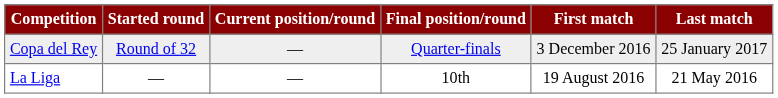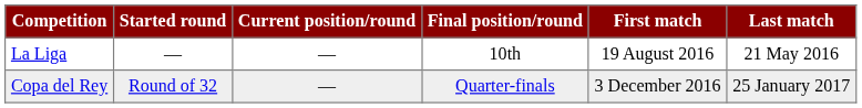 <table cellpadding="4" cellspacing="0" border="1" style="text-align: center; font-size: 85%; border: gray solid 1px; border-collapse: collapse;">
 <tr style="background:#8B0000; color:white;">
 <th>Competition</th>
 <th>Started round</th>
 <th>Current position/round</th>
 <th>Final position/round</th>
 <th>First match</th>
 <th>Last match</th>
 </tr>
+<tr>
+<td align="left"><a href='#'>La Liga</a></td>
+<td>—</td>
+<td>—</td>
+<td>10th</td>
+<td>19 August 2016</td>
+<td>21 May 2016</td>
+</tr>
 <tr bgcolor="#EFEFEF">
 <td align="left"><a href='#'>Copa del Rey</a></td>
 <td><a href='#'>Round of 32</a></td>
 <td>—</td>
 <td><a href='#'>Quarter-finals</a></td>
 <td>3 December 2016</td>
 <td>25 January 2017</td>
 </tr>
-<tr>
-<td align="left"><a href='#'>La Liga</a></td>
-<td>—</td>
-<td>—</td>
-<td>10th</td>
-<td>19 August 2016</td>
-<td>21 May 2016</td>
-</tr>
 </table>
